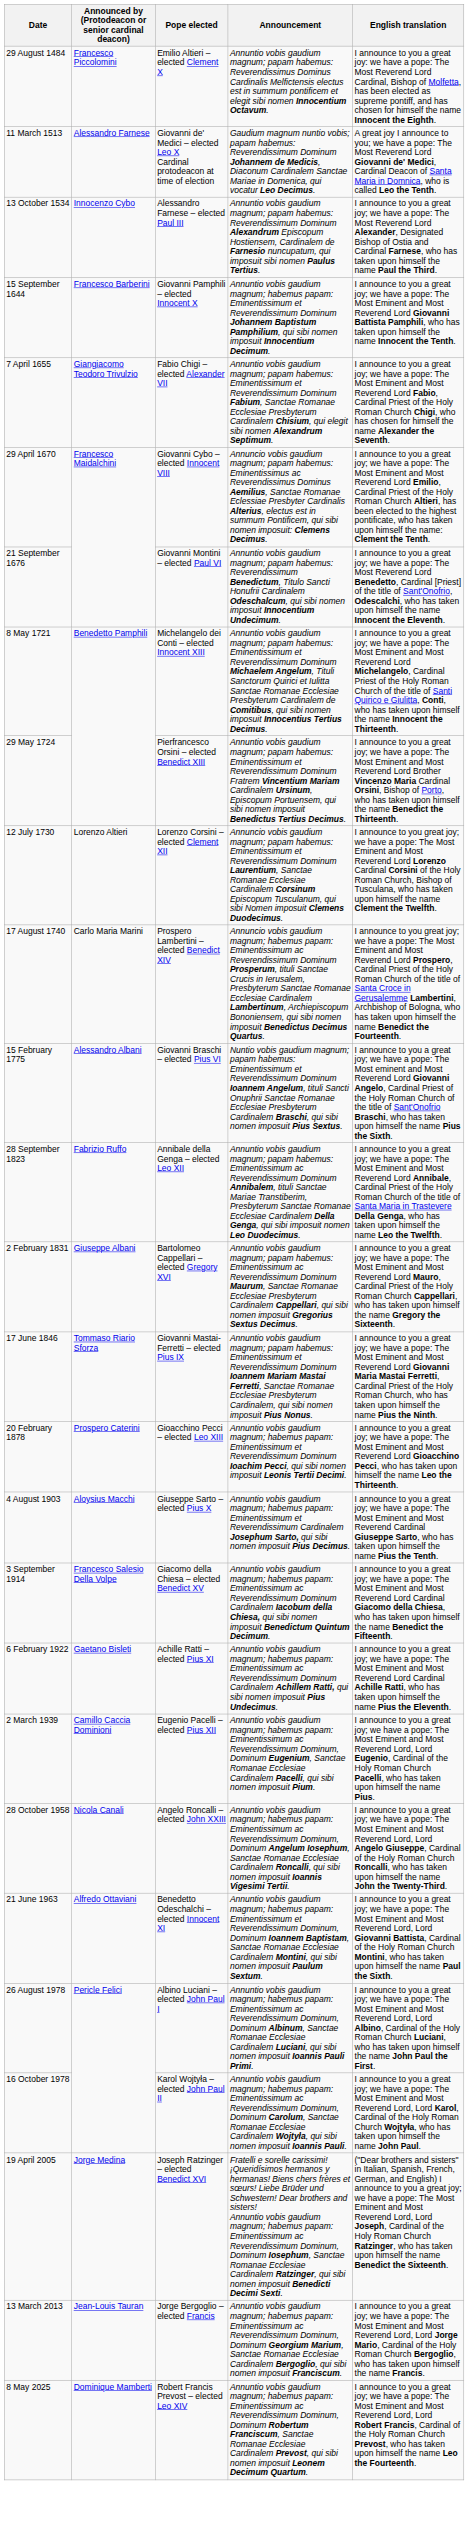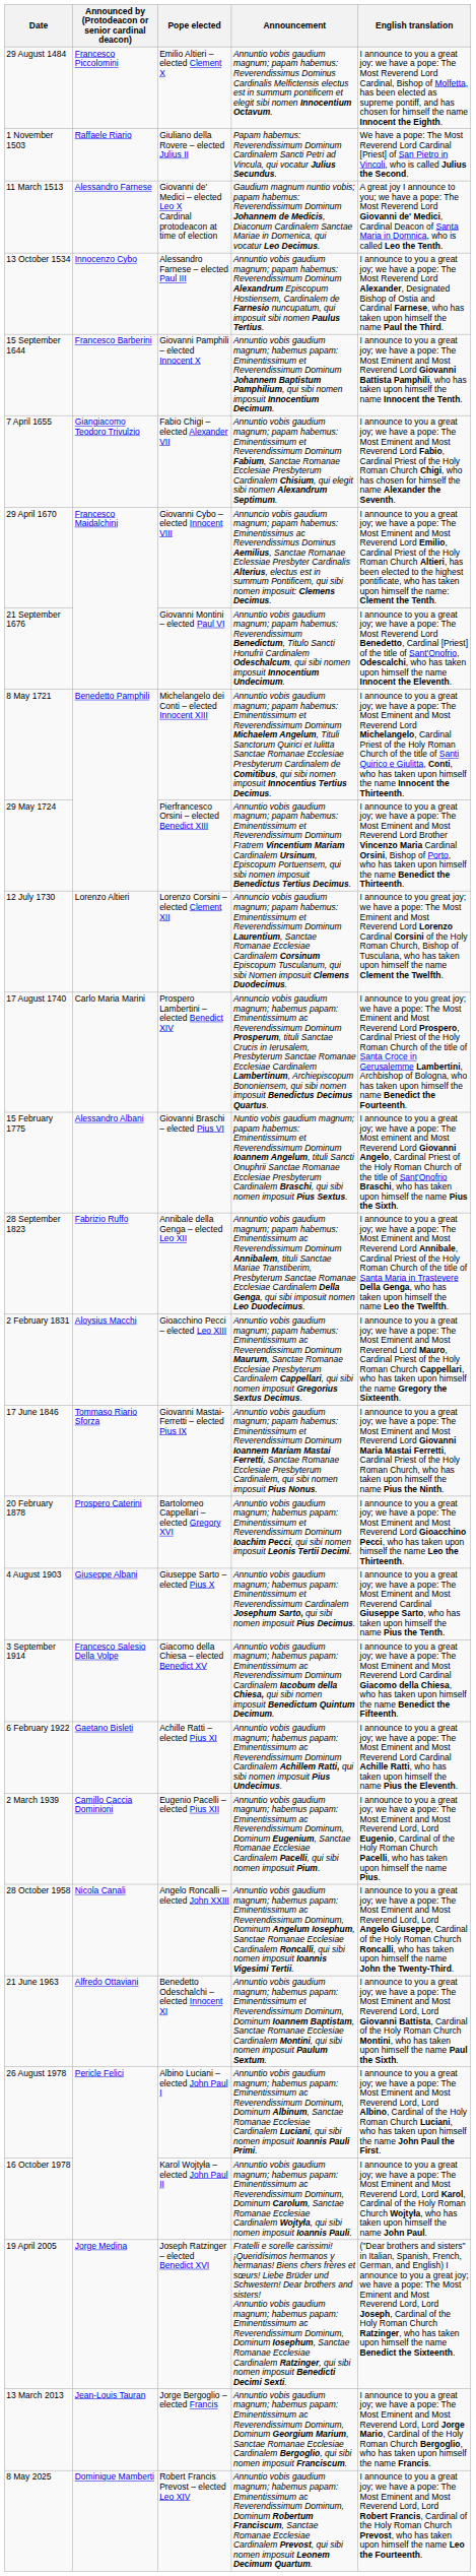 <table class="wikitable">
 <tr>
 <th width=120>Date</th>
 <th width=150>Announced by (Protodeacon or senior cardinal deacon)</th>
 <th width=130>Pope elected</th>
 <th>Announcement</th>
 <th>English translation</th>
 </tr>
 <tr valign="top">
 <td>29 August 1484</td>
 <td><a href='#'>Francesco Piccolomini</a></td>
 <td>Emilio Altieri – elected <a href='#'>Clement X</a></td>
 <td><em>Annuntio vobis gaudium magnum; papam habemus: Reverendissimus Dominus Cardinalis Melfictensis electus est in summum pontificem et elegit sibi nomen <strong>Innocentium Octavum</strong>.</em></td>
 <td>I announce to you a great joy: we have a pope: The Most Reverend Lord Cardinal, Bishop of <a href='#'>Molfetta</a>, has been elected as supreme pontiff, and has chosen for himself the name <strong>Innocent the Eighth</strong>.</td>
+</tr>
+<tr valign="top">
+<td>1 November 1503</td>
+<td><a href='#'>Raffaele Riario</a></td>
+<td>Giuliano della Rovere – elected <a href='#'>Julius II</a></td>
+<td><em>Papam habemus: Reverendissimum Dominum Cardinalem Sancti Petri ad Vincula, qui vocatur <strong>Julius Secundus</strong>.</em></td>
+<td>We have a pope: The Most Reverend Lord Cardinal [Priest] of <a href='#'>San Pietro in Vincoli</a>, who is called <strong>Julius the Second</strong>.</td>
 </tr>
 <tr valign="top">
 <td>11 March 1513</td>
 <td><a href='#'>Alessandro Farnese</a></td>
 <td>Giovanni de' Medici – elected <a href='#'>Leo X</a><br>Cardinal protodeacon at time of election</td>
 <td><em>Gaudium magnum nuntio vobis; papam habemus: Reverendissimum Dominum <strong>Johannem de Medicis</strong>, Diaconum Cardinalem Sanctae Mariae in Domenica, qui vocatur <strong>Leo Decimus</strong>.</em></td>
 <td>A great joy I announce to you; we have a pope: The Most Reverend Lord <strong>Giovanni de' Medici</strong>, Cardinal Deacon of <a href='#'>Santa Maria in Domnica</a>, who is called <strong>Leo the Tenth</strong>.</td>
 </tr>
 <tr valign="top">
 <td>13 October 1534</td>
 <td><a href='#'>Innocenzo Cybo</a></td>
 <td>Alessandro Farnese – elected <a href='#'>Paul III</a></td>
 <td><em>Annuntio vobis gaudium magnum; papam habemus: Reverendissimum Dominum <strong>Alexandrum</strong> Episcopum Hostiensem, Cardinalem de <strong>Farnesio</strong> nuncupatum, qui imposuit sibi nomen <strong>Paulus Tertius</strong>.</em></td>
 <td>I announce to you a great joy; we have a pope: The Most Reverend Lord <strong>Alexander</strong>, Designated Bishop of Ostia and Cardinal <strong>Farnese</strong>, who has taken upon himself the name <strong>Paul the Third</strong>.</td>
 </tr>
 <tr valign="top">
 <td>15 September 1644</td>
 <td><a href='#'>Francesco Barberini</a></td>
 <td>Giovanni Pamphili – elected <a href='#'>Innocent X</a></td>
 <td><em>Annuntio vobis gaudium magnum; habemus papam: Eminentissimum et Reverendissimum Dominum <strong>Johannem Baptistum Pamphilium</strong>, qui sibi nomen imposuit <strong>Innocentium Decimum</strong>.</em></td>
 <td>I announce to you a great joy; we have a pope: The Most Eminent and Most Reverend Lord <strong>Giovanni Battista Pamphili</strong>, who has taken upon himself the name <strong>Innocent the Tenth</strong>.</td>
 </tr>
 <tr valign="top">
 <td>7 April 1655</td>
 <td><a href='#'>Giangiacomo Teodoro Trivulzio</a></td>
 <td>Fabio Chigi – elected <a href='#'>Alexander VII</a></td>
 <td><em>Annuntio vobis gaudium magnum; papam habemus: Eminentissimum et Reverendissimum Dominum <strong>Fabium</strong>, Sanctae Romanae Ecclesiae Presbyterum Cardinalem <strong>Chisium</strong>, qui elegit sibi nomen <strong>Alexandrum Septimum</strong>.</em></td>
 <td>I announce to you a great joy; we have a pope: The Most Eminent and Most Reverend Lord <strong>Fabio</strong>, Cardinal Priest of the Holy Roman Church <strong>Chigi</strong>, who has chosen for himself the name <strong>Alexander the Seventh</strong>.</td>
 </tr>
 <tr valign="top">
 <td>29 April 1670</td>
 <td rowspan="2"><a href='#'>Francesco Maidalchini</a></td>
 <td>Giovanni Cybo – elected <a href='#'>Innocent VIII</a></td>
 <td><em>Annuncio vobis gaudium magnum; papam habemus: Eminentissimus ac Reverendissimus Dominus <strong>Aemilius</strong>, Sanctae Romanae Eclessiae Presbyter Cardinalis <strong>Alterius</strong>, electus est in summum Pontificem, qui sibi nomen imposuit: <strong>Clemens Decimus</strong>.</em></td>
 <td>I announce to you a great joy; we have a pope: The Most Eminent and Most Reverend Lord <strong>Emilio</strong>, Cardinal Priest of the Holy Roman Church <strong>Altieri</strong>, has been elected to the highest pontificate, who has taken upon himself the name: <strong>Clement the Tenth</strong>.</td>
 </tr>
 <tr valign="top">
 <td>21 September 1676</td>
 <td>Giovanni Montini – elected <a href='#'>Paul VI</a></td>
 <td><em>Annuntio vobis gaudium magnum; papam habemus: Reverendissimum <strong>Benedictum</strong>, Titulo Sancti Honufrii Cardinalem <strong>Odeschalcum</strong>, qui sibi nomen imposuit <strong>Innocentium Undecimum</strong>.</em></td>
 <td>I announce to you a great joy; we have a pope: The Most Reverend Lord <strong>Benedetto</strong>, Cardinal [Priest] of the title of <a href='#'>Sant'Onofrio</a>, <strong>Odescalchi</strong>, who has taken upon himself the name <strong>Innocent the Eleventh</strong>.</td>
 </tr>
 <tr valign="top">
 <td>8 May 1721</td>
 <td rowspan="2"><a href='#'>Benedetto Pamphili</a></td>
 <td>Michelangelo dei Conti – elected <a href='#'>Innocent XIII</a></td>
 <td><em>Annuntio vobis gaudium magnum; papam habemus: Eminentissimum et Reverendissimum Dominum <strong>Michaelem Angelum</strong>, Tituli Sanctorum Quirici et Iulitta Sanctae Romanae Ecclesiae Presbyterum Cardinalem de <strong>Comitibus</strong>, qui sibi nomen imposuit <strong>Innocentius Tertius Decimus</strong>.</em></td>
 <td>I announce to you a great joy; we have a pope: The Most Eminent and Most Reverend Lord <strong>Michelangelo</strong>, Cardinal Priest of the Holy Roman Church of the title of <a href='#'>Santi Quirico e Giulitta</a>, <strong>Conti</strong>, who has taken upon himself the name <strong>Innocent the Thirteenth</strong>.</td>
 </tr>
 <tr valign="top">
 <td>29 May 1724</td>
 <td>Pierfrancesco Orsini – elected <a href='#'>Benedict XIII</a></td>
 <td><em>Annuntio vobis gaudium magnum; papam habemus: Eminentissimum et Reverendissimum Dominum Fratrem <strong>Vincentium Mariam</strong> Cardinalem <strong>Ursinum</strong>, Episcopum Portuensem, qui sibi nomen imposuit <strong>Benedictus Tertius Decimus</strong>.</em></td>
 <td>I announce to you a great joy; we have a pope: The Most Eminent and Most Reverend Lord Brother <strong>Vincenzo Maria</strong> Cardinal <strong>Orsini</strong>, Bishop of <a href='#'>Porto</a>, who has taken upon himself the name <strong>Benedict the Thirteenth</strong>.</td>
 </tr>
 <tr valign="top">
 <td>12 July 1730</td>
 <td>Lorenzo Altieri</td>
 <td>Lorenzo Corsini – elected <a href='#'>Clement XII</a></td>
 <td><em>Annuncio vobis gaudium magnum; papam habemus: Eminentissimum et Reverendissimum Dominum <strong>Laurentium</strong>, Sanctae Romanae Ecclesiae Cardinalem <strong>Corsinum</strong> Episcopum Tusculanum, qui sibi Nomen imposuit <strong>Clemens Duodecimus</strong>.</em></td>
 <td>I announce to you great joy; we have a pope: The Most Eminent and Most Reverend Lord <strong>Lorenzo</strong> Cardinal <strong>Corsini</strong> of the Holy Roman Church, Bishop of Tusculana, who has taken upon himself the name <strong>Clement the Twelfth</strong>.</td>
 </tr>
 <tr valign="top">
 <td>17 August 1740</td>
 <td>Carlo Maria Marini</td>
 <td>Prospero Lambertini – elected <a href='#'>Benedict XIV</a></td>
 <td><em>Annuncio vobis gaudium magnum; habemus papam: Eminentissimum ac Reverendissimum Dominum <strong>Prosperum</strong>, tituli Sanctae Crucis in Ierusalem, Presbyterum Sanctae Romanae Ecclesiae Cardinalem <strong>Lambertinum</strong>, Archiepiscopum Bononiensem, qui sibi nomen imposuit <strong>Benedictus Decimus Quartus</strong>.</em></td>
 <td>I announce to you great joy; we have a pope: The Most Eminent and Most Reverend Lord <strong>Prospero</strong>, Cardinal Priest of the Holy Roman Church of the title of <a href='#'>Santa Croce in Gerusalemme</a> <strong>Lambertini</strong>, Archbishop of Bologna, who has taken upon himself the name <strong>Benedict the Fourteenth</strong>.</td>
 </tr>
 <tr valign="top">
 <td>15 February 1775</td>
 <td><a href='#'>Alessandro Albani</a></td>
 <td>Giovanni Braschi – elected <a href='#'>Pius VI</a></td>
 <td><em>Nuntio vobis gaudium magnum; papam habemus: Eminentissimum et Reverendissimum Dominum <strong>Ioannem Angelum</strong>, tituli Sancti Onuphrii Sanctae Romanae Ecclesiae Presbyterum Cardinalem <strong>Braschi</strong>, qui sibi nomen imposuit <strong>Pius Sextus</strong>.</em></td>
 <td>I announce to you a great joy; we have a pope: The Most eminent and Most Reverend Lord <strong>Giovanni Angelo</strong>, Cardinal Priest of the Holy Roman Church of the title of <a href='#'>Sant'Onofrio</a> <strong>Braschi</strong>, who has taken upon himself the name <strong>Pius the Sixth</strong>.</td>
 </tr>
 <tr valign="top">
 <td>28 September 1823</td>
 <td><a href='#'>Fabrizio Ruffo</a></td>
 <td>Annibale della Genga – elected <a href='#'>Leo XII</a></td>
 <td><em>Annuntio vobis gaudium magnum; papam habemus: Eminentissimum ac Reverendissimum Dominum <strong>Annibalem</strong>, tituli Sanctae Mariae Transtiberim, Presbyterum Sanctae Romanae Ecclesiae Cardinalem <strong>Della Genga</strong>, qui sibi imposuit nomen <strong>Leo Duodecimus</strong>.</em></td>
 <td>I announce to you a great joy; we have a pope: The Most Eminent and Most Reverend Lord <strong>Annibale</strong>, Cardinal Priest of the Holy Roman Church of the title of <a href='#'>Santa Maria in Trastevere</a> <strong>Della Genga</strong>, who has taken upon himself the name <strong>Leo the Twelfth</strong>.</td>
 </tr>
 <tr valign="top">
 <td>2 February 1831</td>
-<td><a href='#'>Giuseppe Albani</a></td>
-<td>Bartolomeo Cappellari – elected <a href='#'>Gregory XVI</a></td>
+<td><a href='#'>Aloysius Macchi</a></td>
+<td>Gioacchino Pecci – elected <a href='#'>Leo XIII</a></td>
 <td><em>Annuntio vobis gaudium magnum; papam habemus: Eminentissimum ac Reverendissimum Dominum <strong>Maurum</strong>, Sanctae Romanae Ecclesiae Presbyterum Cardinalem <strong>Cappellari</strong>, qui sibi nomen imposuit <strong>Gregorius Sextus Decimus</strong>.</em></td>
 <td>I announce to you a great joy; we have a pope: The Most Eminent and Most Reverend Lord <strong>Mauro</strong>, Cardinal Priest of the Holy Roman Church <strong>Cappellari</strong>, who has taken upon himself the name <strong>Gregory the Sixteenth</strong>.</td>
 </tr>
 <tr valign="top">
 <td>17 June 1846</td>
 <td><a href='#'>Tommaso Riario Sforza</a></td>
 <td>Giovanni Mastai-Ferretti – elected <a href='#'>Pius IX</a></td>
 <td><em>Annuntio vobis gaudium magnum; papam habemus: Eminentissimum et Reverendissimum Dominum <strong>Ioannem Mariam Mastai Ferretti</strong>, Sanctae Romanae Ecclesiae Presbyterum Cardinalem, qui sibi nomen imposuit <strong>Pius Nonus</strong>.</em></td>
 <td>I announce to you a great joy; we have a pope: The Most Eminent and Most Reverend Lord <strong>Giovanni Maria Mastai Ferretti</strong>, Cardinal Priest of the Holy Roman Church, who has taken upon himself the name <strong>Pius the Ninth</strong>.</td>
 </tr>
 <tr valign="top">
 <td>20 February 1878</td>
 <td><a href='#'>Prospero Caterini</a></td>
-<td>Gioacchino Pecci – elected <a href='#'>Leo XIII</a></td>
+<td>Bartolomeo Cappellari – elected <a href='#'>Gregory XVI</a></td>
 <td><em>Annuntio vobis gaudium magnum; habemus papam: Eminentissimum et Reverendissimum Dominum <strong>Ioachim Pecci</strong>, qui sibi nomen imposuit <strong>Leonis Tertii Decimi</strong>.</em></td>
 <td>I announce to you a great joy; we have a pope: The Most Eminent and Most Reverend Lord <strong>Gioacchino Pecci</strong>, who has taken upon himself the name <strong>Leo the Thirteenth</strong>.</td>
 </tr>
 <tr valign="top">
 <td>4 August 1903</td>
-<td><a href='#'>Aloysius Macchi</a></td>
+<td><a href='#'>Giuseppe Albani</a></td>
 <td>Giuseppe Sarto – elected <a href='#'>Pius X</a></td>
 <td><em>Annuntio vobis gaudium magnum; habemus papam: Eminentissimum et Reverendissimum Cardinalem <strong>Josephum Sarto,</strong> qui sibi nomen imposuit <strong>Pius Decimus</strong>.</em></td>
 <td>I announce to you a great joy; we have a pope: The Most Eminent and Most Reverend Cardinal <strong>Giuseppe Sarto</strong>, who has taken upon himself the name <strong>Pius the Tenth</strong>.</td>
 </tr>
 <tr valign="top">
 <td>3 September 1914</td>
 <td><a href='#'>Francesco Salesio Della Volpe</a></td>
 <td>Giacomo della Chiesa – elected <a href='#'>Benedict XV</a></td>
 <td><em>Annuntio vobis gaudium magnum; habemus papam: Eminentissimum ac Reverendissimum Dominum Cardinalem <strong>Iacobum della Chiesa,</strong> qui sibi nomen imposuit <strong>Benedictum Quintum Decimum</strong>.</em></td>
 <td>I announce to you a great joy; we have a pope: The Most Eminent and Most Reverend Lord Cardinal <strong>Giacomo della Chiesa</strong>, who has taken upon himself the name <strong>Benedict the Fifteenth</strong>.</td>
 </tr>
 <tr valign="top">
 <td>6 February 1922</td>
 <td><a href='#'>Gaetano Bisleti</a></td>
 <td>Achille Ratti – elected <a href='#'>Pius XI</a></td>
 <td><em>Annuntio vobis gaudium magnum; habemus papam: Eminentissimum ac Reverendissimum Dominum Cardinalem <strong>Achillem Ratti,</strong> qui sibi nomen imposuit <strong>Pius Undecimus</strong>.</em></td>
 <td>I announce to you a great joy; we have a pope: The Most Eminent and Most Reverend Lord Cardinal <strong>Achille Ratti</strong>, who has taken upon himself the name <strong>Pius the Eleventh</strong>.</td>
 </tr>
 <tr Valign="Top">
 <td>2 March 1939</td>
 <td><a href='#'>Camillo Caccia Dominioni</a></td>
 <td>Eugenio Pacelli – elected <a href='#'>Pius XII</a></td>
 <td><em>Annuntio vobis gaudium magnum; habemus papam: Eminentissimum ac Reverendissimum Dominum, Dominum <strong>Eugenium</strong>, Sanctae Romanae Ecclesiae Cardinalem <strong>Pacelli</strong>, qui sibi nomen imposuit <strong>Pium</strong>.</em></td>
 <td>I announce to you a great joy; we have a pope: The Most Eminent and Most Reverend Lord, Lord <strong>Eugenio</strong>, Cardinal of the Holy Roman Church <strong>Pacelli</strong>, who has taken upon himself the name <strong>Pius</strong>.</td>
 </tr>
 <tr valign="top">
 <td>28 October 1958</td>
 <td><a href='#'>Nicola Canali</a></td>
 <td>Angelo Roncalli – elected <a href='#'>John XXIII</a></td>
 <td><em>Annuntio vobis gaudium magnum; habemus papam: Eminentissimum ac Reverendissimum Dominum, Dominum <strong>Angelum Iosephum</strong>, Sanctae Romanae Ecclesiae Cardinalem <strong>Roncalli</strong>, qui sibi nomen imposuit <strong>Ioannis Vigesimi Tertii</strong>.</em></td>
 <td>I announce to you a great joy; we have a pope: The Most Eminent and Most Reverend Lord, Lord <strong>Angelo Giuseppe</strong>, Cardinal of the Holy Roman Church <strong>Roncalli</strong>, who has taken upon himself the name <strong>John the Twenty-Third</strong>.</td>
 </tr>
 <tr valign="top">
 <td>21 June 1963</td>
 <td><a href='#'>Alfredo Ottaviani</a></td>
 <td>Benedetto Odeschalchi – elected <a href='#'>Innocent XI</a></td>
 <td><em>Annuntio vobis gaudium magnum; habemus papam: Eminentissimum et Reverendissimum Dominum, Dominum <strong>Ioannem Baptistam</strong>, Sanctae Romanae Ecclesiae Cardinalem <strong>Montini</strong>, qui sibi nomen imposuit <strong>Paulum Sextum</strong>.</em></td>
 <td>I announce to you a great joy; we have a pope: The Most Eminent and Most Reverend Lord, Lord <strong>Giovanni Battista</strong>, Cardinal of the Holy Roman Church <strong>Montini</strong>, who has taken upon himself the name <strong>Paul the Sixth</strong>.</td>
 </tr>
 <tr valign="top">
 <td>26 August 1978</td>
 <td rowspan="2"><a href='#'>Pericle Felici</a></td>
 <td>Albino Luciani – elected <a href='#'>John Paul I</a></td>
 <td><em>Annuntio vobis gaudium magnum; habemus papam: Eminentissimum ac Reverendissimum Dominum, Dominum <strong>Albinum</strong>, Sanctae Romanae Ecclesiae Cardinalem <strong>Luciani</strong>, qui sibi nomen imposuit <strong>Ioannis Pauli Primi</strong>.</em></td>
 <td>I announce to you a great joy; we have a pope: The Most Eminent and Most Reverend Lord, Lord <strong>Albino</strong>, Cardinal of the Holy Roman Church <strong>Luciani</strong>, who has taken upon himself the name <strong>John Paul the First</strong>.</td>
 </tr>
 <tr valign="top">
 <td>16 October 1978</td>
 <td>Karol Wojtyła – elected <a href='#'>John Paul II</a></td>
 <td><em>Annuntio vobis gaudium magnum; habemus papam: Eminentissimum ac Reverendissimum Dominum, Dominum <strong>Carolum</strong>, Sanctae Romanae Ecclesiae Cardinalem <strong>Wojtyła</strong>, qui sibi nomen imposuit <strong>Ioannis Pauli</strong>.</em></td>
 <td>I announce to you a great joy; we have a pope: The Most Eminent and Most Reverend Lord, Lord <strong>Karol</strong>, Cardinal of the Holy Roman Church <strong>Wojtyła</strong>, who has taken upon himself the name <strong>John Paul</strong>.</td>
 </tr>
 <tr valign="top">
 <td>19 April 2005</td>
 <td><a href='#'>Jorge Medina</a></td>
 <td>Joseph Ratzinger – elected <a href='#'>Benedict XVI</a></td>
 <td><em>Fratelli e sorelle carissimi! ¡Queridísimos hermanos y hermanas! Biens chers frères et sœurs! Liebe Brüder und Schwestern! Dear brothers and sisters!</em><br><em>Annuntio vobis gaudium magnum; habemus papam: Eminentissimum ac Reverendissimum Dominum, Dominum <strong>Iosephum</strong>, Sanctae Romanae Ecclesiae Cardinalem <strong>Ratzinger</strong>, qui sibi nomen imposuit <strong>Benedicti Decimi Sexti</strong>.</em></td>
 <td>("Dear brothers and sisters" in Italian, Spanish, French, German, and English) I announce to you a great joy; we have a pope: The Most Eminent and Most Reverend Lord, Lord <strong>Joseph</strong>, Cardinal of the Holy Roman Church <strong>Ratzinger</strong>, who has taken upon himself the name <strong>Benedict the Sixteenth</strong>.</td>
 </tr>
 <tr valign="top">
 <td>13 March 2013</td>
 <td><a href='#'>Jean-Louis Tauran</a></td>
 <td>Jorge Bergoglio – elected <a href='#'>Francis</a></td>
 <td><em>Annuntio vobis gaudium magnum; habemus papam: Eminentissimum ac Reverendissimum Dominum, Dominum <strong>Georgium Marium</strong>, Sanctae Romanae Ecclesiae Cardinalem <strong>Bergoglio</strong>, qui sibi nomen imposuit <strong>Franciscum</strong>.</em></td>
 <td>I announce to you a great joy; we have a pope: The Most Eminent and Most Reverend Lord, Lord <strong>Jorge Mario</strong>, Cardinal of the Holy Roman Church <strong>Bergoglio</strong>, who has taken upon himself the name <strong>Francis</strong>.</td>
 </tr>
 <tr valign="top">
 <td>8 May 2025</td>
 <td><a href='#'>Dominique Mamberti</a></td>
 <td>Robert Francis Prevost – elected <a href='#'>Leo XIV</a></td>
 <td><em>Annuntio vobis gaudium magnum; habemus papam: Eminentissimum ac Reverendissimum Dominum, Dominum <strong>Robertum Franciscum</strong>, Sanctae Romanae Ecclesiae Cardinalem <strong>Prevost</strong>, qui sibi nomen imposuit <strong>Leonem Decimum Quartum</strong>.</em></td>
 <td>I announce to you a great joy; we have a pope: The Most Eminent and Most Reverend Lord, Lord <strong>Robert Francis</strong>, Cardinal of the Holy Roman Church <strong>Prevost</strong>, who has taken upon himself the name <strong>Leo the Fourteenth</strong>.</td>
 </tr>
 </table>
